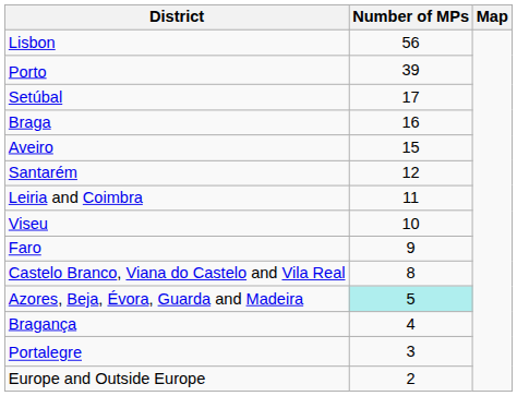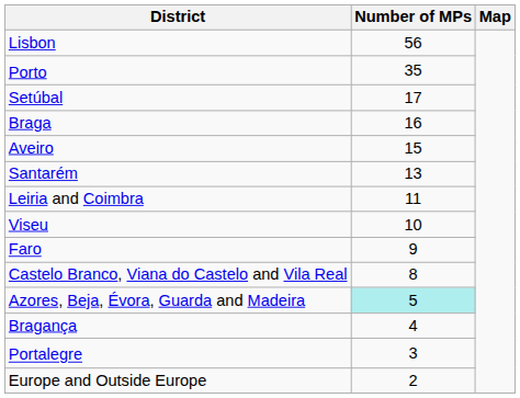 <table class="wikitable">
 <tr>
 <th>District</th>
 <th>Number of MPs</th>
 <th>Map</th>
 </tr>
 <tr>
 <td><a href='#'>Lisbon</a></td>
 <td style="text-align:center;">56</td>
 <td style="text-align:center;" rowspan="14"><br>                      </td>
 </tr>
 <tr>
 <td><a href='#'>Porto</a><sup></sup></td>
-<td style="text-align:center;">39</td>
+<td style="text-align:center;">35</td>
 </tr>
 <tr>
 <td><a href='#'>Setúbal</a></td>
 <td style="text-align:center;">17</td>
 </tr>
 <tr>
 <td><a href='#'>Braga</a></td>
 <td style="text-align:center;">16</td>
 </tr>
 <tr>
 <td><a href='#'>Aveiro</a></td>
 <td style="text-align:center;">15</td>
 </tr>
 <tr>
 <td><a href='#'>Santarém</a></td>
-<td style="text-align:center;">12</td>
+<td style="text-align:center;">13</td>
 </tr>
 <tr>
 <td><a href='#'>Leiria</a> and <a href='#'>Coimbra</a></td>
 <td style="text-align:center;">11</td>
 </tr>
 <tr>
 <td><a href='#'>Viseu</a></td>
 <td style="text-align:center;">10</td>
 </tr>
 <tr>
 <td><a href='#'>Faro</a></td>
 <td style="text-align:center;">9</td>
 </tr>
 <tr>
 <td><a href='#'>Castelo Branco</a>, <a href='#'>Viana do Castelo</a> and <a href='#'>Vila Real</a></td>
 <td style="text-align:center;">8</td>
 </tr>
 <tr>
 <td><a href='#'>Azores</a>, <a href='#'>Beja</a>, <a href='#'>Évora</a>, <a href='#'>Guarda</a> and <a href='#'>Madeira</a></td>
 <td style="background: paleturquoise; text-align:center;">5</td>
 </tr>
 <tr>
 <td><a href='#'>Bragança</a></td>
 <td style="text-align:center;">4</td>
 </tr>
 <tr>
 <td><a href='#'>Portalegre</a><sup></sup></td>
 <td style="text-align:center;">3</td>
 </tr>
 <tr>
 <td>Europe and Outside Europe</td>
 <td style="text-align:center;">2</td>
 </tr>
 </table>
